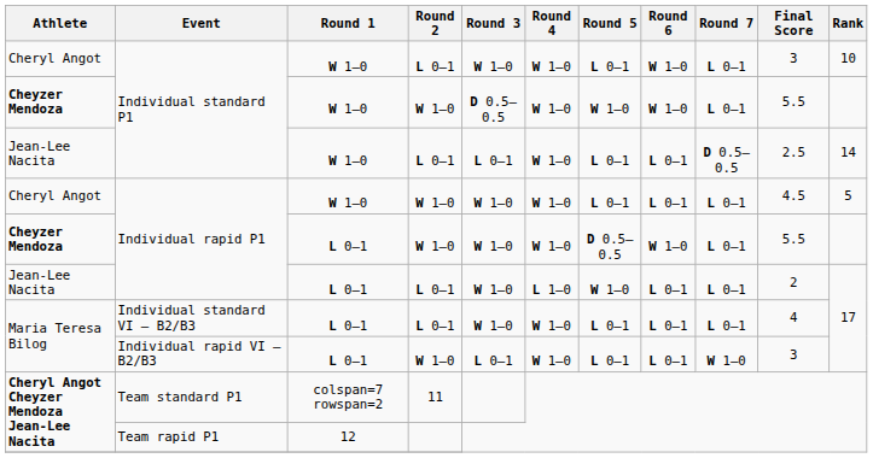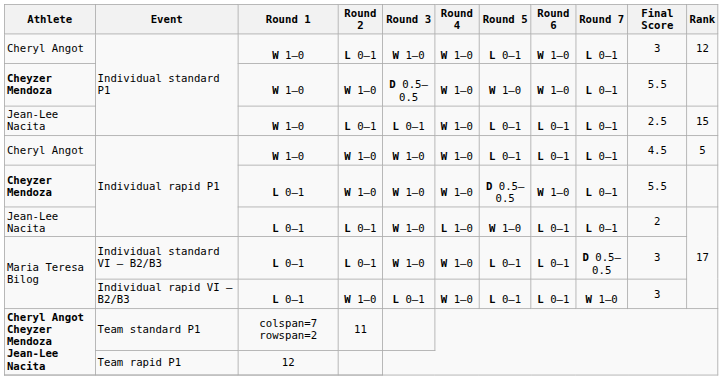 <table class="wikitable">
 <tr>
 <th>Athlete</th>
 <th>Event</th>
 <th>Round 1</th>
 <th>Round 2</th>
 <th>Round 3</th>
 <th>Round 4</th>
 <th>Round 5</th>
 <th>Round 6</th>
 <th>Round 7</th>
 <th>Final Score</th>
 <th>Rank</th>
 </tr>
 <tr align=center>
 <td align=left>Cheryl Angot</td>
 <td rowspan=3 align=left>Individual standard P1</td>
 <td><br><strong>W</strong> 1–0</td>
 <td><br><strong>L</strong> 0–1</td>
 <td><br><strong>W</strong> 1–0</td>
 <td><br><strong>W</strong> 1–0</td>
 <td><br><strong>L</strong> 0–1</td>
 <td><br><strong>W</strong> 1–0</td>
 <td><br><strong>L</strong> 0–1</td>
 <td>3</td>
-<td>10</td>
+<td>12</td>
 </tr>
 <tr align=center>
 <td align=left><strong>Cheyzer Mendoza</strong></td>
 <td><br><strong>W</strong> 1–0</td>
 <td><br><strong>W</strong> 1–0</td>
 <td><br><strong>D</strong> 0.5–0.5</td>
 <td><br><strong>W</strong> 1–0</td>
 <td><br><strong>W</strong> 1–0</td>
 <td><br><strong>W</strong> 1–0</td>
 <td><br><strong>L</strong> 0–1</td>
 <td>5.5</td>
 <td></td>
 </tr>
 <tr align=center>
 <td align=left>Jean-Lee Nacita</td>
 <td><br><strong>W</strong> 1–0</td>
 <td><br><strong>L</strong> 0–1</td>
 <td><br><strong>L</strong> 0–1</td>
 <td><br><strong>W</strong> 1–0</td>
 <td><br><strong>L</strong> 0–1</td>
 <td><br><strong>L</strong> 0–1</td>
-<td><br><strong>D</strong> 0.5–0.5</td>
+<td><br><strong>L</strong> 0–1</td>
 <td>2.5</td>
-<td>14</td>
+<td>15</td>
 </tr>
 <tr align=center>
 <td align=left>Cheryl Angot</td>
 <td rowspan=3 align=left>Individual rapid P1</td>
 <td><br><strong>W</strong> 1–0</td>
 <td><br><strong>W</strong> 1–0</td>
 <td><br><strong>W</strong> 1–0</td>
 <td><br><strong>W</strong> 1–0</td>
 <td><br><strong>L</strong> 0–1</td>
 <td><br><strong>L</strong> 0–1</td>
 <td><br><strong>L</strong> 0–1</td>
 <td>4.5</td>
 <td>5</td>
 </tr>
 <tr align=center>
 <td align=left><strong>Cheyzer Mendoza</strong></td>
 <td><br><strong>L</strong> 0–1</td>
 <td><br><strong>W</strong> 1–0</td>
 <td><br><strong>W</strong> 1–0</td>
 <td><br><strong>W</strong> 1–0</td>
 <td><br><strong>D</strong> 0.5–0.5</td>
 <td><br><strong>W</strong> 1–0</td>
 <td><br><strong>L</strong> 0–1</td>
 <td>5.5</td>
 <td></td>
 </tr>
 <tr align=center>
 <td align=left>Jean-Lee Nacita</td>
 <td><br><strong>L</strong> 0–1</td>
 <td><br><strong>L</strong> 0–1</td>
 <td><br><strong>W</strong> 1–0</td>
 <td><br><strong>L</strong> 1–0</td>
 <td><br><strong>W</strong> 1–0</td>
 <td><br><strong>L</strong> 0–1</td>
 <td><br><strong>L</strong> 0–1</td>
 <td>2</td>
 <td rowspan=3>17</td>
 </tr>
 <tr align=center>
 <td rowspan=2 align=left>Maria Teresa Bilog</td>
 <td align=left>Individual standard VI – B2/B3</td>
 <td><br><strong>L</strong> 0–1</td>
 <td><br><strong>L</strong> 0–1</td>
 <td><br><strong>W</strong> 1–0</td>
 <td><br><strong>W</strong> 1–0</td>
 <td><br><strong>L</strong> 0–1</td>
 <td><br><strong>L</strong> 0–1</td>
-<td><br><strong>L</strong> 0–1</td>
-<td>4</td>
+<td><br><strong>D</strong> 0.5–0.5</td>
+<td>3</td>
 </tr>
 <tr align=center>
 <td align=left>Individual rapid VI – B2/B3</td>
 <td><br><strong>L</strong> 0–1</td>
 <td><br><strong>W</strong> 1–0</td>
 <td><br><strong>L</strong> 0–1</td>
 <td><br><strong>W</strong> 1–0</td>
 <td><br><strong>L</strong> 0–1</td>
 <td><br><strong>L</strong> 0–1</td>
 <td><br><strong>W</strong> 1–0</td>
 <td>3</td>
 </tr>
 <tr align=center>
 <td rowspan=2 align=left><strong>Cheryl Angot<br>Cheyzer Mendoza<br>Jean-Lee Nacita</strong></td>
 <td align=left>Team standard P1</td>
 <td>colspan=7 rowspan=2 </td>
 <td>11</td>
 <td></td>
 </tr>
 <tr align=center>
 <td align=left>Team rapid P1</td>
 <td>12</td>
 <td></td>
 </tr>
 <tr align=center>
 </tr>
 </table>
